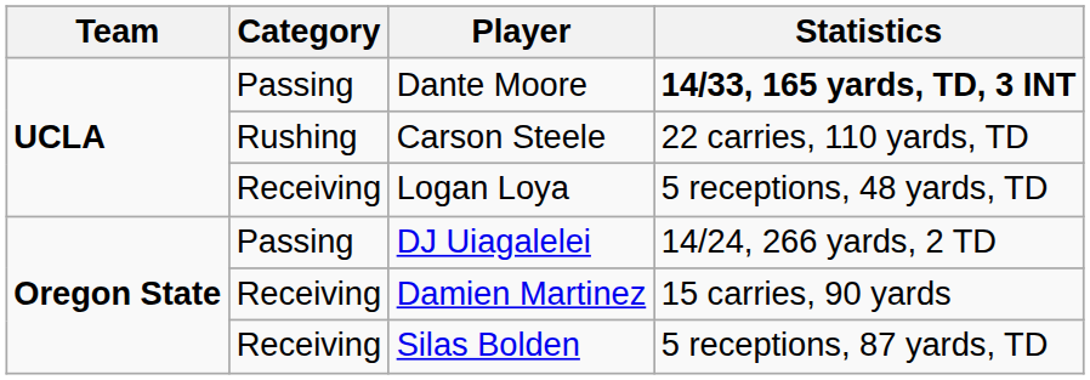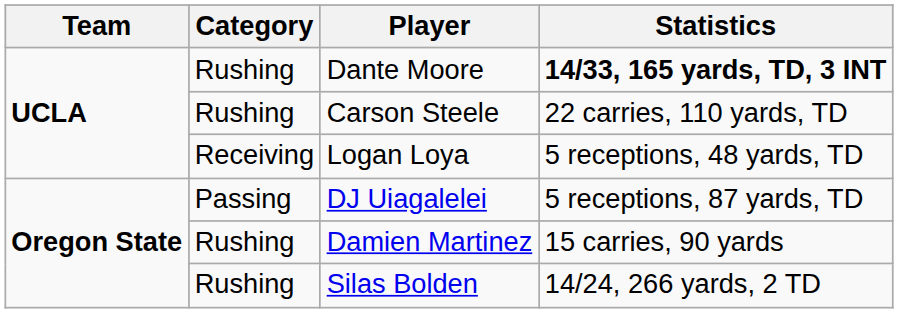 <table class="wikitable" style="float: right;">
 <tr>
 <th>Team</th>
 <th>Category</th>
 <th>Player</th>
 <th>Statistics</th>
 </tr>
 <tr>
 <td rowspan=3><strong>UCLA</strong></td>
-<td>Passing</td>
+<td>Rushing</td>
 <td>Dante Moore</td>
 <td><strong>14/33, 165 yards, TD, 3 INT</strong></td>
 </tr>
 <tr>
 <td>Rushing</td>
 <td>Carson Steele</td>
 <td>22 carries, 110 yards, TD</td>
 </tr>
 <tr>
 <td>Receiving</td>
 <td>Logan Loya</td>
 <td>5 receptions, 48 yards, TD</td>
 </tr>
 <tr>
 <td rowspan=3><strong>Oregon State</strong></td>
 <td>Passing</td>
 <td><a href='#'>DJ Uiagalelei</a></td>
-<td>14/24, 266 yards, 2 TD</td>
+<td>5 receptions, 87 yards, TD</td>
 </tr>
 <tr>
-<td>Receiving</td>
+<td>Rushing</td>
 <td><a href='#'>Damien Martinez</a></td>
 <td>15 carries, 90 yards</td>
 </tr>
 <tr>
-<td>Receiving</td>
+<td>Rushing</td>
 <td><a href='#'>Silas Bolden</a></td>
-<td>5 receptions, 87 yards, TD</td>
+<td>14/24, 266 yards, 2 TD</td>
 </tr>
 </table>
